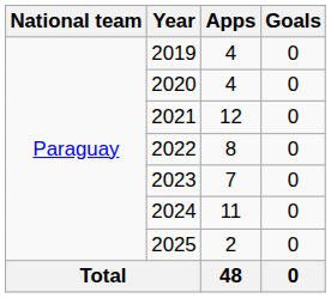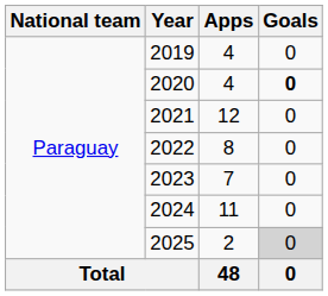 <table class="wikitable" style="text-align:center">
 <tr>
 <th>National team</th>
 <th>Year</th>
 <th>Apps</th>
 <th>Goals</th>
 </tr>
 <tr>
 <td rowspan=7><a href='#'>Paraguay</a></td>
 <td>2019</td>
 <td>4</td>
 <td>0</td>
 </tr>
 <tr>
 <td>2020</td>
 <td>4</td>
-<td>0</td>
+<td><strong>0</strong></td>
 </tr>
 <tr>
 <td>2021</td>
 <td>12</td>
 <td>0</td>
 </tr>
 <tr>
 <td>2022</td>
 <td>8</td>
 <td>0</td>
 </tr>
 <tr>
 <td>2023</td>
 <td>7</td>
 <td>0</td>
 </tr>
 <tr>
 <td>2024</td>
 <td>11</td>
 <td>0</td>
 </tr>
 <tr>
 <td>2025</td>
 <td>2</td>
-<td>0</td>
+<td style="background: lightgrey;">0</td>
 </tr>
 <tr>
 <th colspan="2">Total</th>
 <th>48</th>
 <th>0</th>
 </tr>
 </table>
